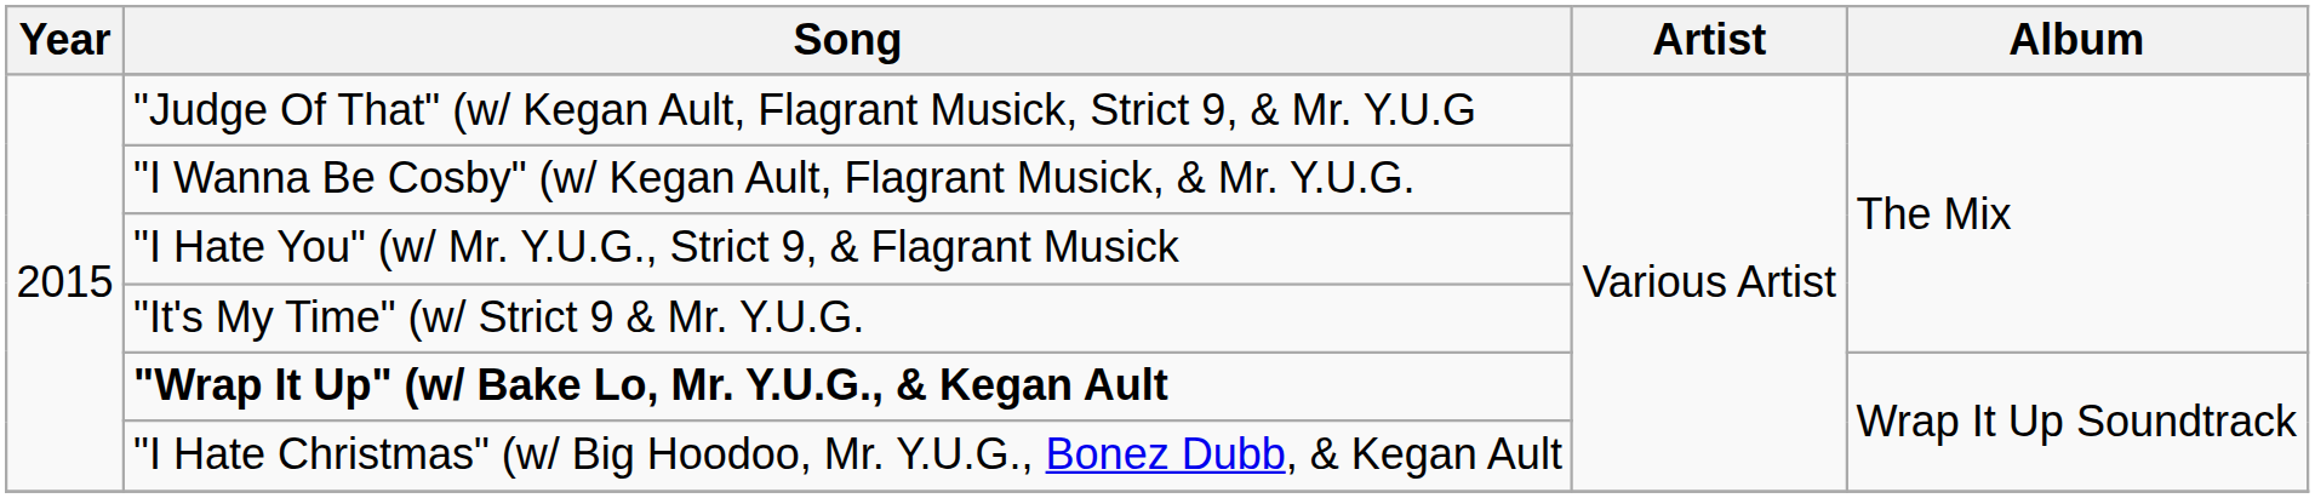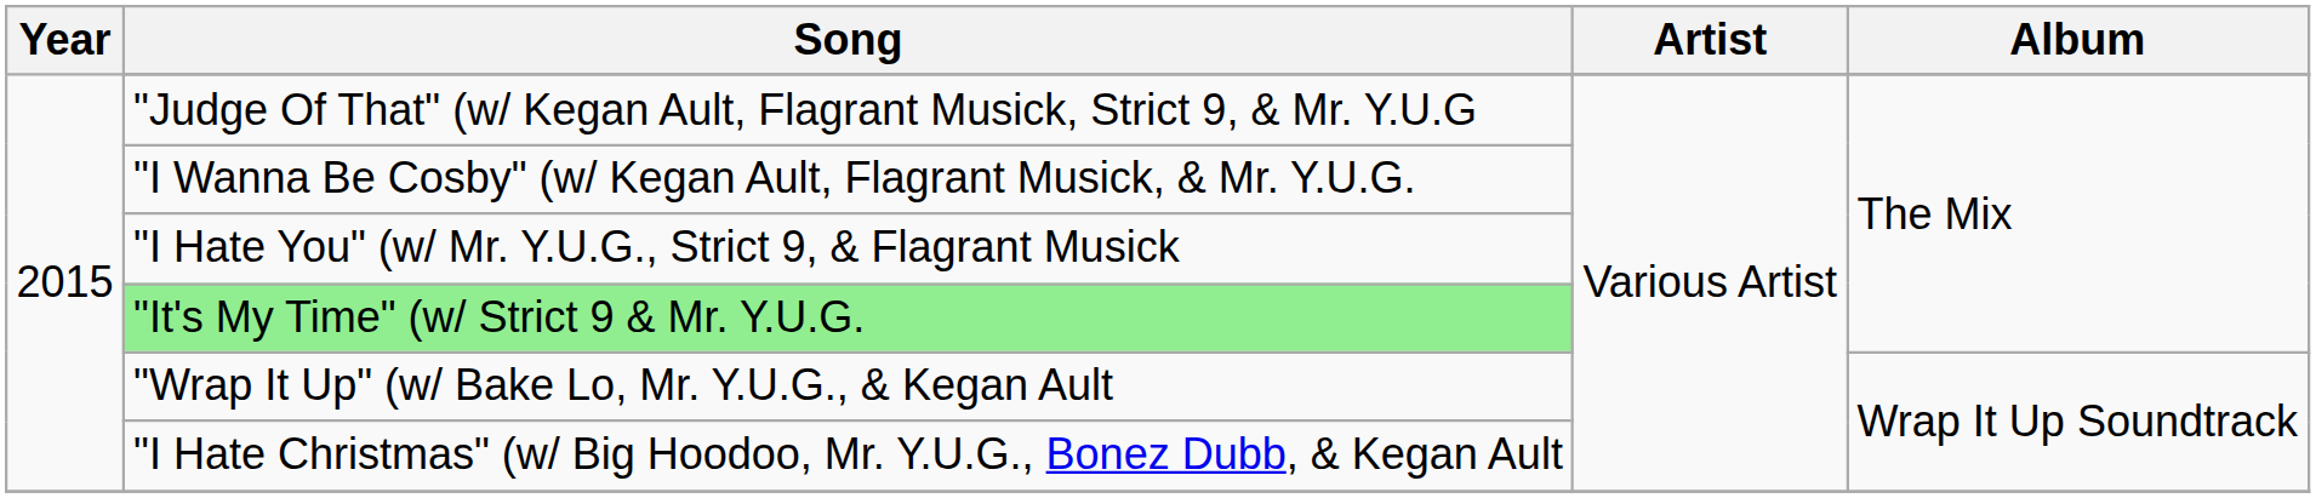 <table class="wikitable" border="1">
 <tr>
 <th>Year</th>
 <th>Song</th>
 <th>Artist</th>
 <th>Album</th>
 </tr>
 <tr>
 <td rowspan="7">2015</td>
 </tr>
 <tr>
 <td>"Judge Of That" (w/ Kegan Ault, Flagrant Musick, Strict 9, & Mr. Y.U.G</td>
 <td rowspan="6">Various Artist</td>
 <td rowspan="4">The Mix</td>
 </tr>
 <tr>
 <td>"I Wanna Be Cosby" (w/ Kegan Ault, Flagrant Musick, & Mr. Y.U.G.</td>
 </tr>
 <tr>
 <td>"I Hate You" (w/ Mr. Y.U.G., Strict 9, & Flagrant Musick</td>
 </tr>
 <tr>
-<td>"It's My Time" (w/ Strict 9 & Mr. Y.U.G.</td>
+<td style="background: lightgreen;">"It's My Time" (w/ Strict 9 & Mr. Y.U.G.</td>
 </tr>
 <tr>
-<td><strong>"Wrap It Up" (w/ Bake Lo, Mr. Y.U.G., & Kegan Ault</strong></td>
+<td>"Wrap It Up" (w/ Bake Lo, Mr. Y.U.G., & Kegan Ault</td>
 <td rowspan="2">Wrap It Up Soundtrack</td>
 </tr>
 <tr>
 <td>"I Hate Christmas" (w/ Big Hoodoo, Mr. Y.U.G., <a href='#'>Bonez Dubb</a>, & Kegan Ault</td>
 </tr>
 <tr>
 </tr>
 </table>
